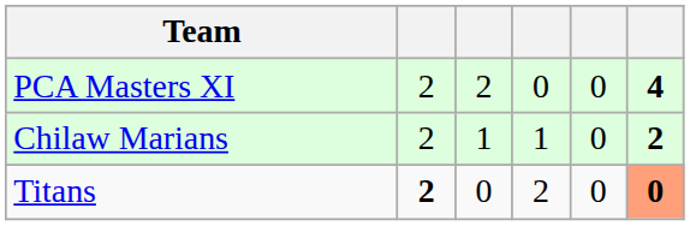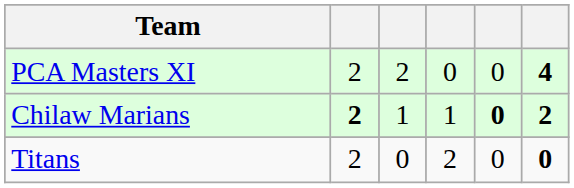 <table class="wikitable" style="text-align:center">
 <tr>
 <th style="width:180px;">Team</th>
 <th width="20"></th>
 <th width="20"></th>
 <th width="20"></th>
 <th width="20"></th>
 <th width="20"></th>
 </tr>
 <tr style="background:#dfd;">
 <td align=left> <a href='#'>PCA Masters XI</a></td>
 <td>2</td>
 <td>2</td>
 <td>0</td>
 <td>0</td>
 <td><strong>4</strong></td>
 </tr>
 <tr style="background:#dfd;">
 <td align=left> <a href='#'>Chilaw Marians</a></td>
-<td>2</td>
+<td><strong>2</strong></td>
 <td>1</td>
 <td>1</td>
-<td>0</td>
+<td><strong>0</strong></td>
 <td><strong>2</strong></td>
 </tr>
 <tr>
 <td align=left> <a href='#'>Titans</a></td>
-<td><strong>2</strong></td>
+<td>2</td>
 <td>0</td>
 <td>2</td>
 <td>0</td>
-<td style="background: lightsalmon;"><strong>0</strong></td>
+<td><strong>0</strong></td>
 </tr>
 </table>
